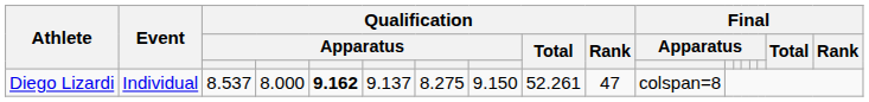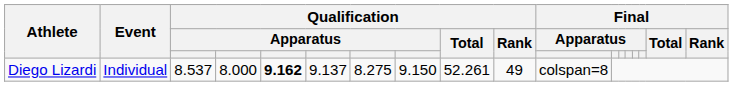 <table class=wikitable style=font-size:90%;text-align:center>
 <tr>
 <th rowspan=3>Athlete</th>
 <th rowspan=3>Event</th>
 <th colspan=8>Qualification</th>
 <th colspan=8>Final</th>
 </tr>
 <tr style=font-size:95%>
 <th colspan=6>Apparatus</th>
 <th rowspan=2>Total</th>
 <th rowspan=2>Rank</th>
 <th colspan=6>Apparatus</th>
 <th rowspan=2>Total</th>
 <th rowspan=2>Rank</th>
 </tr>
 <tr style=font-size:95%>
 <th></th>
 <th></th>
 <th></th>
 <th></th>
 <th></th>
 <th></th>
 <th></th>
 <th></th>
 <th></th>
 <th></th>
 <th></th>
 <th></th>
 </tr>
 <tr>
 <td align=left><a href='#'>Diego Lizardi</a></td>
 <td align=left><a href='#'>Individual</a></td>
 <td>8.537</td>
 <td>8.000</td>
 <td><strong>9.162</strong></td>
 <td>9.137</td>
 <td>8.275</td>
 <td>9.150</td>
 <td>52.261</td>
-<td>47</td>
+<td>49</td>
 <td>colspan=8 </td>
 </tr>
 </table>
